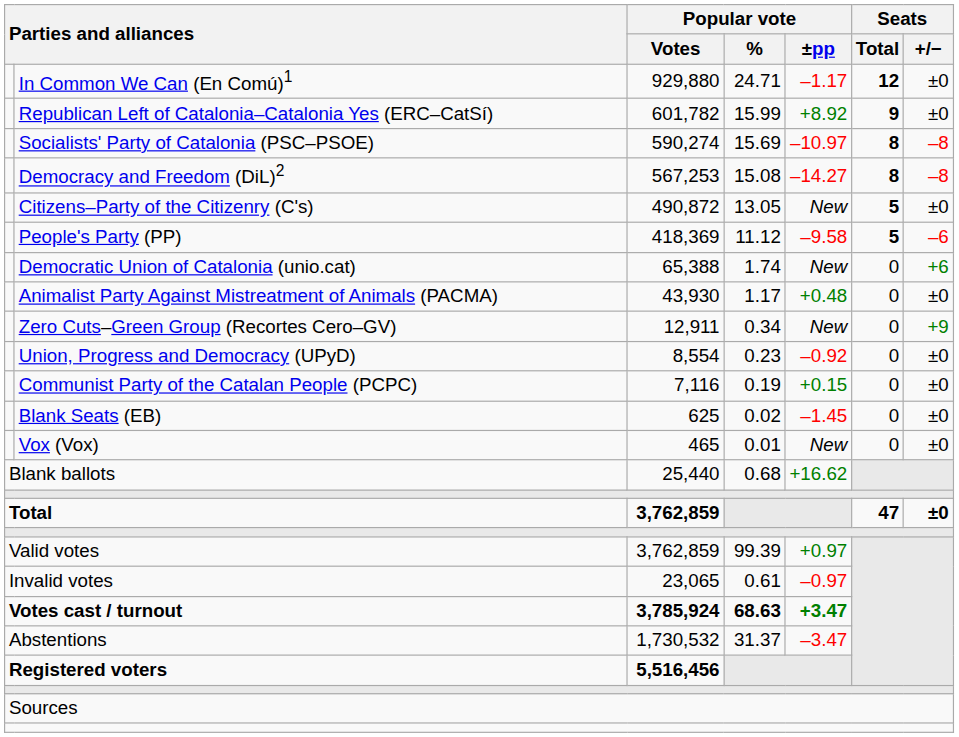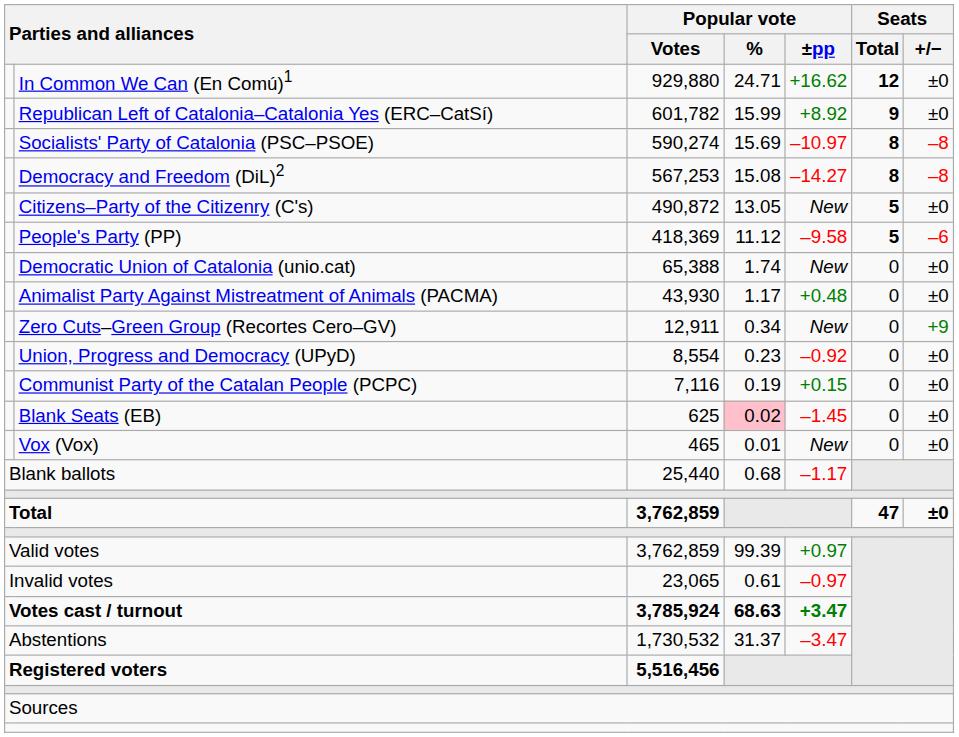 <table class="wikitable" style="text-align:right;">
 <tr>
 <th style="text-align:left;" rowspan="2" colspan="2" width="525">Parties and alliances</th>
 <th colspan="3">Popular vote</th>
 <th colspan="2">Seats</th>
 </tr>
 <tr>
 <th width="75">Votes</th>
 <th width="45">%</th>
 <th width="45">±<a href='#'>pp</a></th>
 <th width="35">Total</th>
 <th width="35">+/−</th>
 </tr>
 <tr>
 <td width="1" style="color:inherit;background:"></td>
 <td align="left"><a href='#'>In Common We Can</a> (En Comú)<sup>1</sup></td>
 <td>929,880</td>
 <td>24.71</td>
-<td style="color:red;">–1.17</td>
+<td style="color:green;">+16.62</td>
 <td><strong>12</strong></td>
 <td>±0</td>
 </tr>
 <tr>
 <td style="color:inherit;background:"></td>
 <td align="left"><a href='#'>Republican Left of Catalonia–Catalonia Yes</a> (ERC–CatSí)</td>
 <td>601,782</td>
 <td>15.99</td>
 <td style="color:green;">+8.92</td>
 <td><strong>9</strong></td>
 <td>±0</td>
 </tr>
 <tr>
 <td style="color:inherit;background:"></td>
 <td align="left"><a href='#'>Socialists' Party of Catalonia</a> (PSC–PSOE)</td>
 <td>590,274</td>
 <td>15.69</td>
 <td style="color:red;">–10.97</td>
 <td><strong>8</strong></td>
 <td style="color:red;">–8</td>
 </tr>
 <tr>
 <td style="color:inherit;background:"></td>
 <td align="left"><a href='#'>Democracy and Freedom</a> (DiL)<sup>2</sup></td>
 <td>567,253</td>
 <td>15.08</td>
 <td style="color:red;">–14.27</td>
 <td><strong>8</strong></td>
 <td style="color:red;">–8</td>
 </tr>
 <tr>
 <td style="color:inherit;background:"></td>
 <td align="left"><a href='#'>Citizens–Party of the Citizenry</a> (C's)</td>
 <td>490,872</td>
 <td>13.05</td>
 <td><em>New</em></td>
 <td><strong>5</strong></td>
 <td>±0</td>
 </tr>
 <tr>
 <td style="color:inherit;background:"></td>
 <td align="left"><a href='#'>People's Party</a> (PP)</td>
 <td>418,369</td>
 <td>11.12</td>
 <td style="color:red;">–9.58</td>
 <td><strong>5</strong></td>
 <td style="color:red;">–6</td>
 </tr>
 <tr>
 <td style="color:inherit;background:"></td>
 <td align="left"><a href='#'>Democratic Union of Catalonia</a> (unio.cat)</td>
 <td>65,388</td>
 <td>1.74</td>
 <td><em>New</em></td>
 <td>0</td>
-<td style="color:green;">+6</td>
+<td>±0</td>
 </tr>
 <tr>
 <td style="color:inherit;background:"></td>
 <td align="left"><a href='#'>Animalist Party Against Mistreatment of Animals</a> (PACMA)</td>
 <td>43,930</td>
 <td>1.17</td>
 <td style="color:green;">+0.48</td>
 <td>0</td>
 <td>±0</td>
 </tr>
 <tr>
 <td style="color:inherit;background:"></td>
 <td align="left"><a href='#'>Zero Cuts</a>–<a href='#'>Green Group</a> (Recortes Cero–GV)</td>
 <td>12,911</td>
 <td>0.34</td>
 <td><em>New</em></td>
 <td>0</td>
 <td style="color:green;">+9</td>
 </tr>
 <tr>
 <td style="color:inherit;background:"></td>
 <td align="left"><a href='#'>Union, Progress and Democracy</a> (UPyD)</td>
 <td>8,554</td>
 <td>0.23</td>
 <td style="color:red;">–0.92</td>
 <td>0</td>
 <td>±0</td>
 </tr>
 <tr>
 <td style="color:inherit;background:"></td>
 <td align="left"><a href='#'>Communist Party of the Catalan People</a> (PCPC)</td>
 <td>7,116</td>
 <td>0.19</td>
 <td style="color:green;">+0.15</td>
 <td>0</td>
 <td>±0</td>
 </tr>
 <tr>
 <td style="color:inherit;background:"></td>
 <td align="left"><a href='#'>Blank Seats</a> (EB)</td>
 <td>625</td>
-<td>0.02</td>
+<td style="background: pink;">0.02</td>
 <td style="color:red;">–1.45</td>
 <td>0</td>
 <td>±0</td>
 </tr>
 <tr>
 <td style="color:inherit;background:"></td>
 <td align="left"><a href='#'>Vox</a> (Vox)</td>
 <td>465</td>
 <td>0.01</td>
 <td><em>New</em></td>
 <td>0</td>
 <td>±0</td>
 </tr>
 <tr>
 <td align="left" colspan="2">Blank ballots</td>
 <td>25,440</td>
 <td>0.68</td>
-<td style="color:green;">+16.62</td>
+<td style="color:red;">–1.17</td>
 <td bgcolor="#E9E9E9" colspan="2"></td>
 </tr>
 <tr>
 <td colspan="7" bgcolor="#E9E9E9"></td>
 </tr>
 <tr style="font-weight:bold;">
 <td align="left" colspan="2">Total</td>
 <td>3,762,859</td>
 <td bgcolor="#E9E9E9" colspan="2"></td>
 <td>47</td>
 <td>±0</td>
 </tr>
 <tr>
 <td colspan="7" bgcolor="#E9E9E9"></td>
 </tr>
 <tr>
 <td align="left" colspan="2">Valid votes</td>
 <td>3,762,859</td>
 <td>99.39</td>
 <td style="color:green;">+0.97</td>
 <td bgcolor="#E9E9E9" colspan="2" rowspan="5"></td>
 </tr>
 <tr>
 <td align="left" colspan="2">Invalid votes</td>
 <td>23,065</td>
 <td>0.61</td>
 <td style="color:red;">–0.97</td>
 </tr>
 <tr style="font-weight:bold;">
 <td align="left" colspan="2">Votes cast / turnout</td>
 <td>3,785,924</td>
 <td>68.63</td>
 <td style="color:green;">+3.47</td>
 </tr>
 <tr>
 <td align="left" colspan="2">Abstentions</td>
 <td>1,730,532</td>
 <td>31.37</td>
 <td style="color:red;">–3.47</td>
 </tr>
 <tr style="font-weight:bold;">
 <td align="left" colspan="2">Registered voters</td>
 <td>5,516,456</td>
 <td bgcolor="#E9E9E9" colspan="2"></td>
 </tr>
 <tr>
 <td colspan="7" bgcolor="#E9E9E9"></td>
 </tr>
 <tr>
 <td align="left" colspan="7">Sources</td>
 </tr>
 <tr>
 <td colspan="7" style="text-align:left; max-width:790px;"></td>
 </tr>
 </table>
